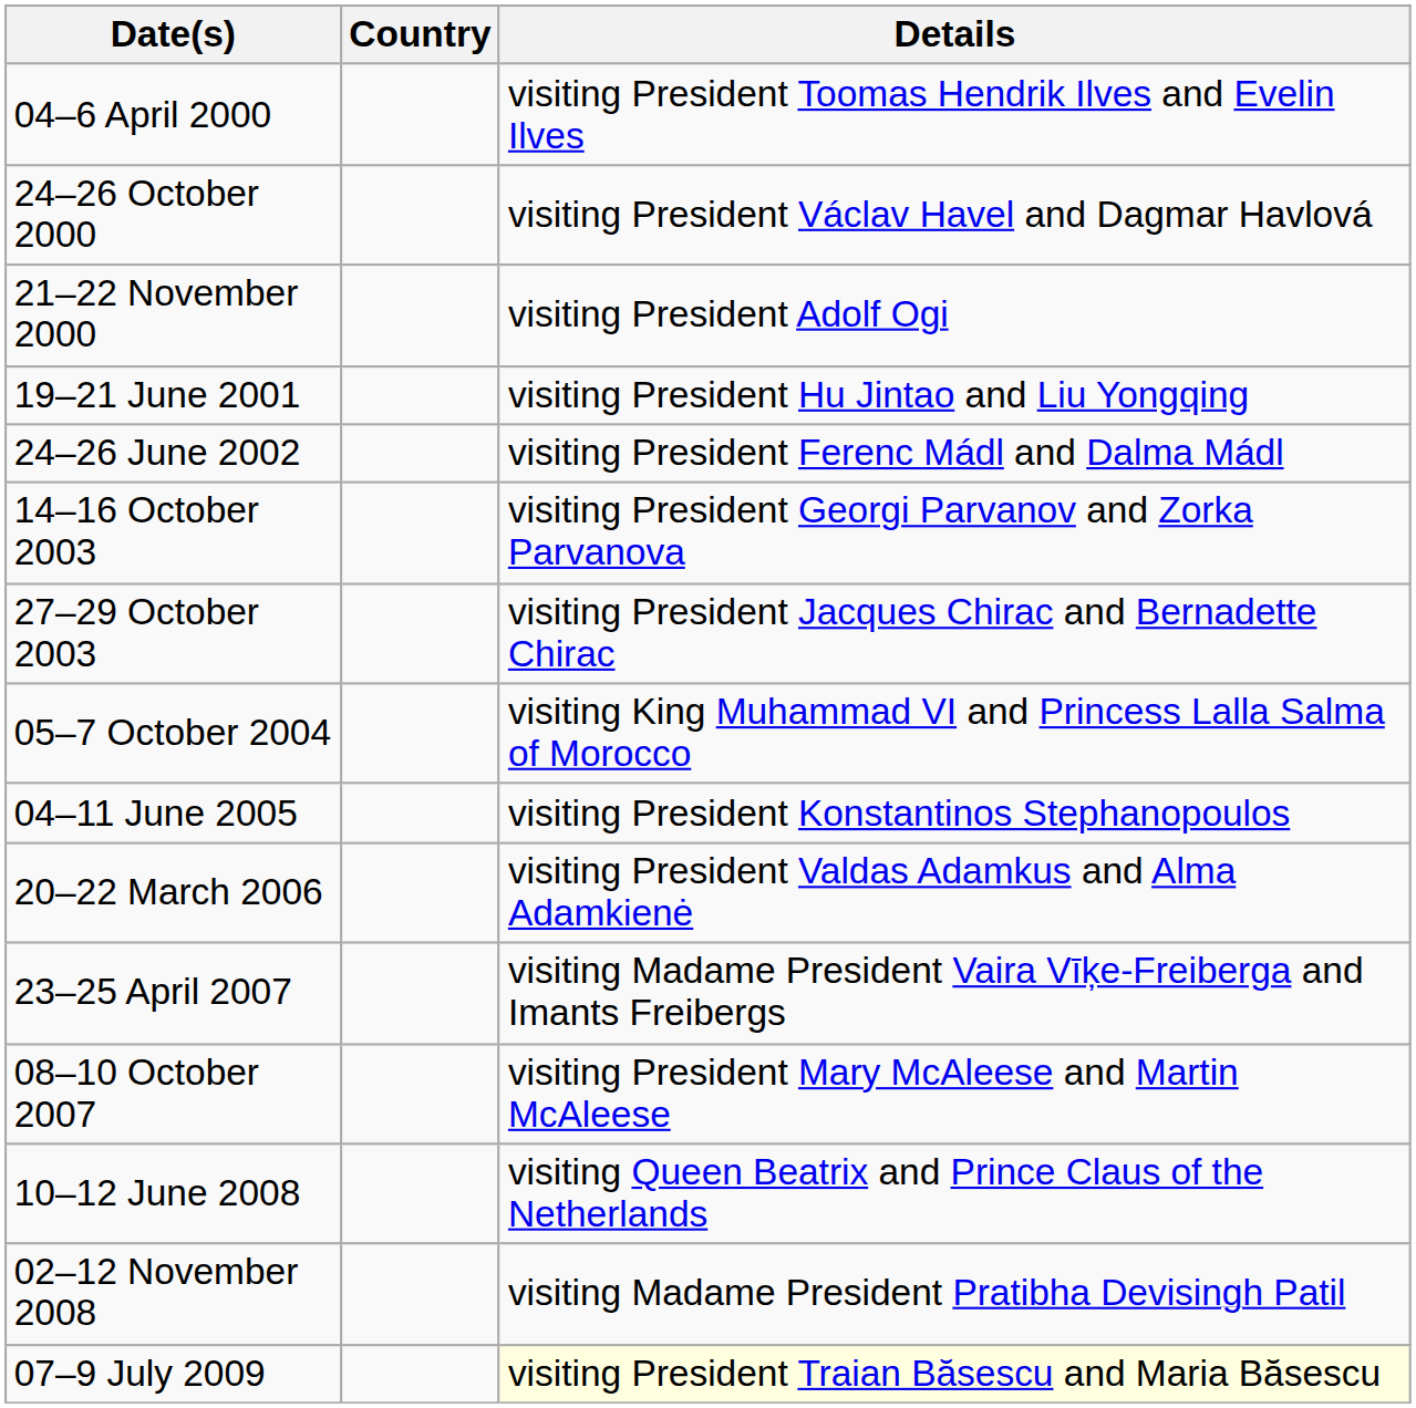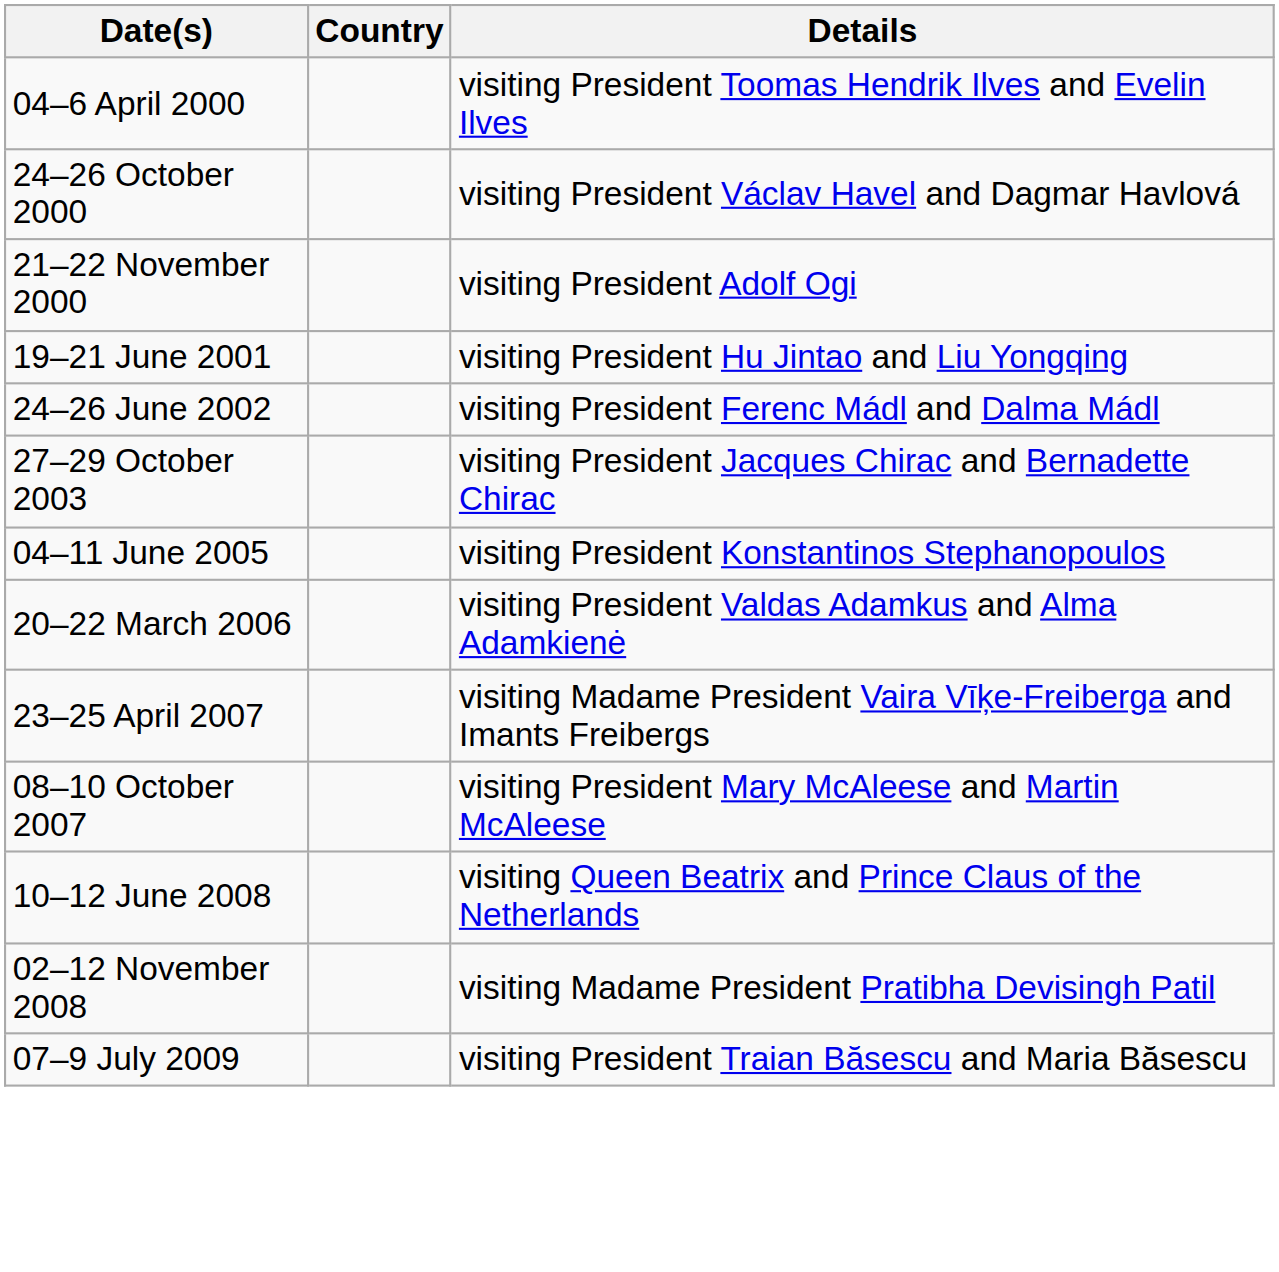 <table class="wikitable">
 <tr>
 <th>Date(s)</th>
 <th>Country</th>
 <th>Details</th>
 </tr>
 <tr>
 <td>04–6 April 2000</td>
 <td></td>
 <td>visiting President <a href='#'>Toomas Hendrik Ilves</a> and <a href='#'>Evelin Ilves</a></td>
 </tr>
 <tr>
 <td>24–26 October 2000</td>
 <td></td>
 <td>visiting President <a href='#'>Václav Havel</a> and Dagmar Havlová</td>
 </tr>
 <tr>
 <td>21–22 November 2000</td>
 <td></td>
 <td>visiting President <a href='#'>Adolf Ogi</a></td>
 </tr>
 <tr>
 <td>19–21 June 2001</td>
 <td></td>
 <td>visiting President <a href='#'>Hu Jintao</a> and <a href='#'>Liu Yongqing</a></td>
 </tr>
 <tr>
 <td>24–26 June 2002</td>
 <td></td>
 <td>visiting President <a href='#'>Ferenc Mádl</a> and <a href='#'>Dalma Mádl</a></td>
 </tr>
 <tr>
-<td>14–16 October 2003</td>
-<td></td>
-<td>visiting President <a href='#'>Georgi Parvanov</a> and <a href='#'>Zorka Parvanova</a></td>
-</tr>
-<tr>
 <td>27–29 October 2003</td>
 <td></td>
 <td>visiting President <a href='#'>Jacques Chirac</a> and <a href='#'>Bernadette Chirac</a></td>
-</tr>
-<tr>
-<td>05–7 October 2004</td>
-<td></td>
-<td>visiting King <a href='#'>Muhammad VI</a> and <a href='#'>Princess Lalla Salma of Morocco</a></td>
 </tr>
 <tr>
 <td>04–11 June 2005</td>
 <td></td>
 <td>visiting President <a href='#'>Konstantinos Stephanopoulos</a></td>
 </tr>
 <tr>
 <td>20–22 March 2006</td>
 <td></td>
 <td>visiting President <a href='#'>Valdas Adamkus</a> and <a href='#'>Alma Adamkienė</a></td>
 </tr>
 <tr>
 <td>23–25 April 2007</td>
 <td></td>
 <td>visiting Madame President <a href='#'>Vaira Vīķe-Freiberga</a> and 	Imants Freibergs</td>
 </tr>
 <tr>
 <td>08–10 October 2007</td>
 <td></td>
 <td>visiting President <a href='#'>Mary McAleese</a> and <a href='#'>Martin McAleese</a></td>
 </tr>
 <tr>
 <td>10–12 June 2008</td>
 <td></td>
 <td>visiting <a href='#'>Queen Beatrix</a> and <a href='#'>Prince Claus of the Netherlands</a></td>
 </tr>
 <tr>
 <td>02–12 November 2008</td>
 <td></td>
 <td>visiting Madame President <a href='#'>Pratibha Devisingh Patil</a></td>
 </tr>
 <tr>
 <td>07–9 July 2009</td>
 <td></td>
-<td style="background: lightyellow;">visiting President <a href='#'>Traian Băsescu</a> and Maria Băsescu</td>
+<td>visiting President <a href='#'>Traian Băsescu</a> and Maria Băsescu</td>
 </tr>
 </table>
